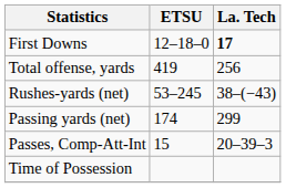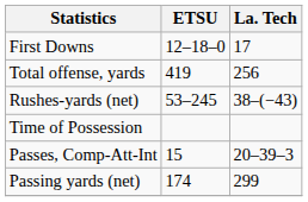 <table class="wikitable">
 <tr>
 <th>Statistics</th>
 <th>ETSU</th>
 <th>La. Tech</th>
 </tr>
 <tr>
 <td>First Downs</td>
 <td>12–18–0</td>
-<td><strong>17</strong></td>
+<td>17</td>
 </tr>
 <tr>
 <td>Total offense, yards</td>
 <td>419</td>
 <td>256</td>
 </tr>
 <tr>
 <td>Rushes-yards (net)</td>
 <td>53–245</td>
 <td>38–(−43)</td>
 </tr>
 <tr>
-<td>Passing yards (net)</td>
-<td>174</td>
-<td>299</td>
+<td>Time of Possession</td>
+<td></td>
+<td></td>
 </tr>
 <tr>
 <td>Passes, Comp-Att-Int</td>
 <td>15</td>
 <td>20–39–3</td>
 </tr>
 <tr>
-<td>Time of Possession</td>
-<td></td>
-<td></td>
+<td>Passing yards (net)</td>
+<td>174</td>
+<td>299</td>
 </tr>
 <tr>
 </tr>
 </table>
